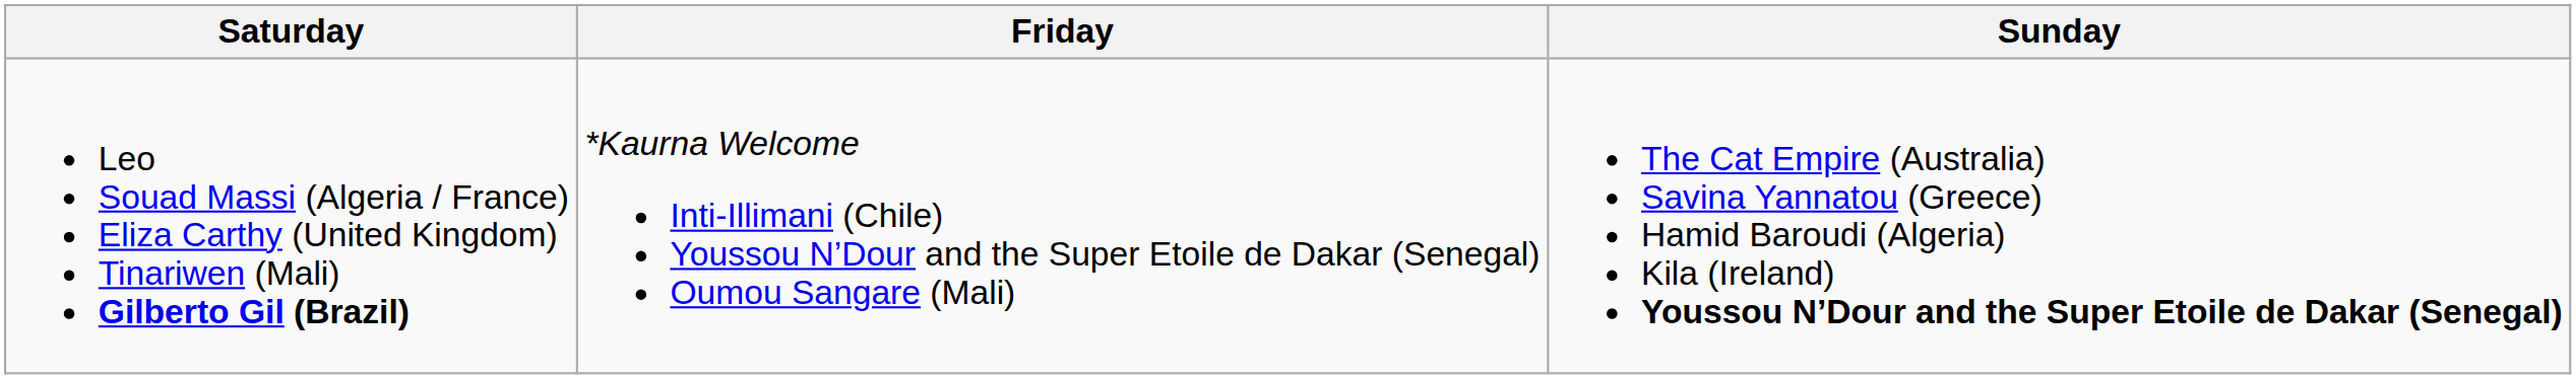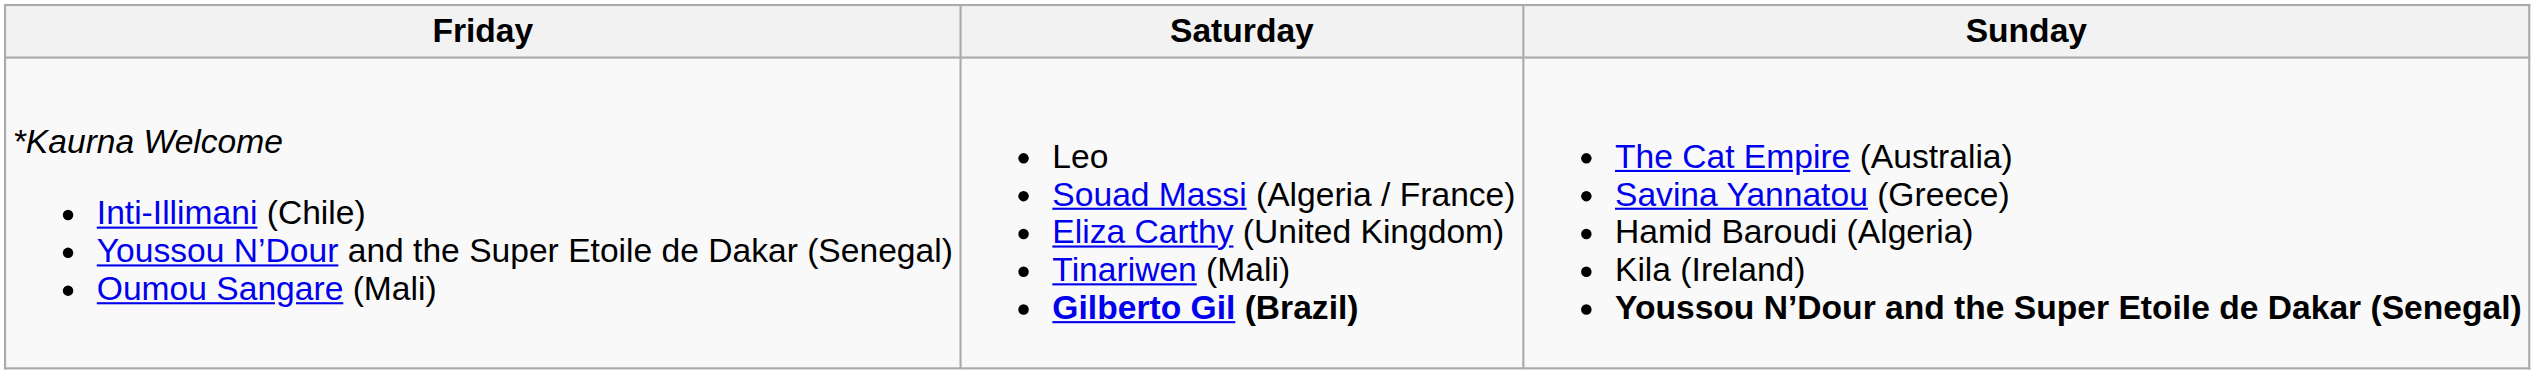 <table class="wikitable">
 <tr>
+<th>Friday</th>
 <th>Saturday</th>
-<th>Friday</th>
 <th>Sunday</th>
 </tr>
 <tr>
+<td><br><em>*Kaurna Welcome</em><ul><li><a href='#'>Inti-Illimani</a> (Chile)</li><li><a href='#'>Youssou N’Dour</a> and the Super Etoile de Dakar (Senegal)</li><li><a href='#'>Oumou Sangare</a> (Mali)</li></ul></td>
 <td><br><ul><li>Leo</li><li><a href='#'>Souad Massi</a> (Algeria / France)</li><li><a href='#'>Eliza Carthy</a> (United Kingdom)</li><li><a href='#'>Tinariwen</a> (Mali)</li><li><strong><a href='#'>Gilberto Gil</a> (Brazil)</strong></li></ul></td>
-<td><br><em>*Kaurna Welcome</em><ul><li><a href='#'>Inti-Illimani</a> (Chile)</li><li><a href='#'>Youssou N’Dour</a> and the Super Etoile de Dakar (Senegal)</li><li><a href='#'>Oumou Sangare</a> (Mali)</li></ul></td>
 <td><br><ul><li><a href='#'>The Cat Empire</a> (Australia)</li><li><a href='#'>Savina Yannatou</a> (Greece)</li><li>Hamid Baroudi (Algeria)</li><li>Kila (Ireland)</li><li><strong>Youssou N’Dour and the Super Etoile de Dakar (Senegal)</strong></li></ul></td>
 </tr>
 </table>
